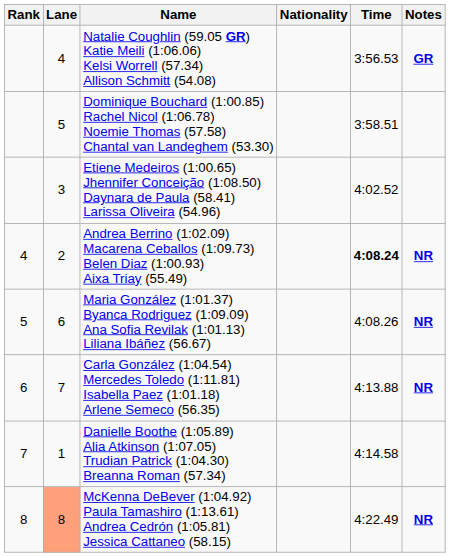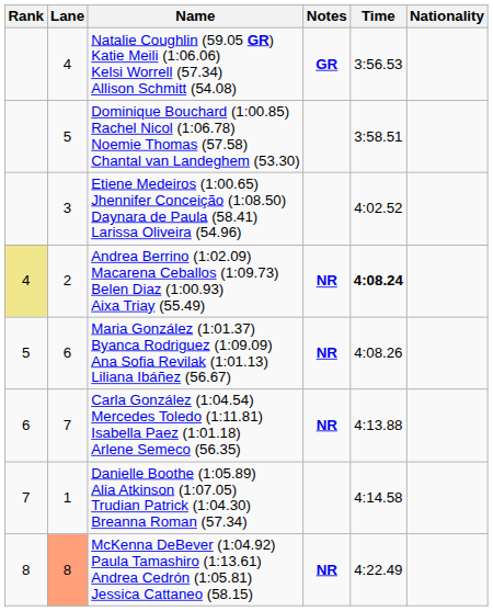 <table class="wikitable sortable" style="text-align:center">
 <tr>
 <th>Rank</th>
 <th>Lane</th>
 <th>Name</th>
+<th>Notes</th>
+<th>Time</th>
 <th>Nationality</th>
-<th>Time</th>
-<th>Notes</th>
 </tr>
 <tr>
 <td></td>
 <td>4</td>
 <td align=left><a href='#'>Natalie Coughlin</a> (59.05 <strong><a href='#'>GR</a></strong>)<br><a href='#'>Katie Meili</a> (1:06.06)<br><a href='#'>Kelsi Worrell</a> (57.34)<br><a href='#'>Allison Schmitt</a> (54.08)</td>
+<td><strong><a href='#'>GR</a></strong></td>
+<td>3:56.53</td>
 <td align=left></td>
-<td>3:56.53</td>
-<td><strong><a href='#'>GR</a></strong></td>
 </tr>
 <tr>
 <td></td>
 <td>5</td>
 <td align=left><a href='#'>Dominique Bouchard</a> (1:00.85)<br><a href='#'>Rachel Nicol</a> (1:06.78)<br><a href='#'>Noemie Thomas</a> (57.58)<br><a href='#'>Chantal van Landeghem</a> (53.30)</td>
+<td></td>
+<td>3:58.51</td>
 <td align=left></td>
-<td>3:58.51</td>
-<td></td>
 </tr>
 <tr>
 <td></td>
 <td>3</td>
 <td align=left><a href='#'>Etiene Medeiros</a> (1:00.65)<br><a href='#'>Jhennifer Conceição</a> (1:08.50)<br><a href='#'>Daynara de Paula</a> (58.41)<br><a href='#'>Larissa Oliveira</a> (54.96)</td>
+<td></td>
+<td>4:02.52</td>
 <td align=left></td>
-<td>4:02.52</td>
-<td></td>
 </tr>
 <tr>
-<td>4</td>
+<td style="background: khaki;">4</td>
 <td>2</td>
 <td align=left><a href='#'>Andrea Berrino</a> (1:02.09)<br><a href='#'>Macarena Ceballos</a> (1:09.73)<br><a href='#'>Belen Diaz</a> (1:00.93)<br><a href='#'>Aixa Triay</a> (55.49)</td>
+<td><strong><a href='#'>NR</a></strong></td>
+<td><strong>4:08.24</strong></td>
 <td align=left></td>
-<td><strong>4:08.24</strong></td>
-<td><strong><a href='#'>NR</a></strong></td>
 </tr>
 <tr>
 <td>5</td>
 <td>6</td>
 <td align=left><a href='#'>Maria González</a> (1:01.37)<br><a href='#'>Byanca Rodriguez</a> (1:09.09)<br><a href='#'>Ana Sofia Revilak</a> (1:01.13)<br><a href='#'>Liliana Ibáñez</a> (56.67)</td>
+<td><strong><a href='#'>NR</a></strong></td>
+<td>4:08.26</td>
 <td align=left></td>
-<td>4:08.26</td>
-<td><strong><a href='#'>NR</a></strong></td>
 </tr>
 <tr>
 <td>6</td>
 <td>7</td>
 <td align=left><a href='#'>Carla González</a> (1:04.54)<br><a href='#'>Mercedes Toledo</a> (1:11.81)<br><a href='#'>Isabella Paez</a> (1:01.18)<br><a href='#'>Arlene Semeco</a> (56.35)</td>
+<td><strong><a href='#'>NR</a></strong></td>
+<td>4:13.88</td>
 <td align=left></td>
-<td>4:13.88</td>
-<td><strong><a href='#'>NR</a></strong></td>
 </tr>
 <tr>
 <td>7</td>
 <td>1</td>
 <td align=left><a href='#'>Danielle Boothe</a> (1:05.89)<br><a href='#'>Alia Atkinson</a> (1:07.05)<br><a href='#'>Trudian Patrick</a> (1:04.30)<br><a href='#'>Breanna Roman</a> (57.34)</td>
+<td></td>
+<td>4:14.58</td>
 <td align=left></td>
-<td>4:14.58</td>
-<td></td>
 </tr>
 <tr>
 <td>8</td>
 <td style="background: lightsalmon;">8</td>
 <td align=left><a href='#'>McKenna DeBever</a> (1:04.92)<br><a href='#'>Paula Tamashiro</a> (1:13.61)<br><a href='#'>Andrea Cedrón</a> (1:05.81)<br><a href='#'>Jessica Cattaneo</a> (58.15)</td>
+<td><strong><a href='#'>NR</a></strong></td>
+<td>4:22.49</td>
 <td align=left></td>
-<td>4:22.49</td>
-<td><strong><a href='#'>NR</a></strong></td>
 </tr>
 </table>
